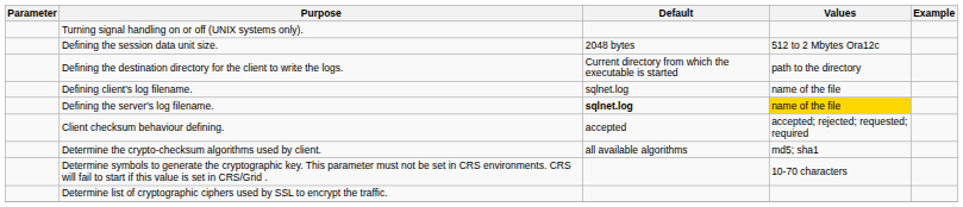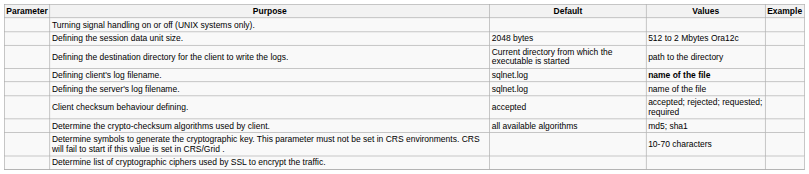 <table class=wikitable style="font-size:83%;">
 <tr>
 <th>Parameter</th>
 <th>Purpose</th>
 <th>Default</th>
 <th>Values</th>
 <th>Example</th>
 </tr>
 <tr>
 <td></td>
 <td>Turning signal handling on or off (UNIX systems only).</td>
 <td></td>
 <td></td>
 <td></td>
 </tr>
 <tr>
 <td></td>
 <td>Defining the session data unit size.</td>
 <td>2048 bytes</td>
 <td>512 to 2 Mbytes Ora12c</td>
 <td></td>
 </tr>
 <tr>
 <td></td>
 <td>Defining the destination directory for the client to write the logs.</td>
 <td>Current directory from which the executable is started</td>
 <td>path to the directory</td>
 <td></td>
 </tr>
 <tr>
 <td></td>
 <td>Defining client's log filename.</td>
 <td>sqlnet.log</td>
-<td>name of the file</td>
+<td><strong>name of the file</strong></td>
 <td></td>
 </tr>
 <tr>
 <td></td>
 <td>Defining the server's log filename.</td>
-<td><strong>sqlnet.log</strong></td>
-<td style="background: gold;">name of the file</td>
+<td>sqlnet.log</td>
+<td>name of the file</td>
 <td></td>
 </tr>
 <tr>
 <td></td>
 <td>Client checksum behaviour defining.</td>
 <td>accepted</td>
 <td>accepted; rejected; requested; required</td>
 <td></td>
 </tr>
 <tr>
 <td></td>
 <td>Determine the crypto-checksum algorithms used by client.</td>
 <td>all available algorithms</td>
 <td>md5; sha1</td>
 <td></td>
 </tr>
 <tr>
 <td></td>
 <td>Determine symbols to generate the cryptographic key. This parameter must not be set in CRS environments. CRS will fail to start if this value is set in CRS/Grid .</td>
 <td></td>
 <td>10-70 characters</td>
 <td></td>
 </tr>
 <tr>
 <td></td>
 <td>Determine list of cryptographic ciphers used by SSL to encrypt the traffic.</td>
 <td></td>
 <td></td>
 <td></td>
 </tr>
 <tr>
 </tr>
 </table>
